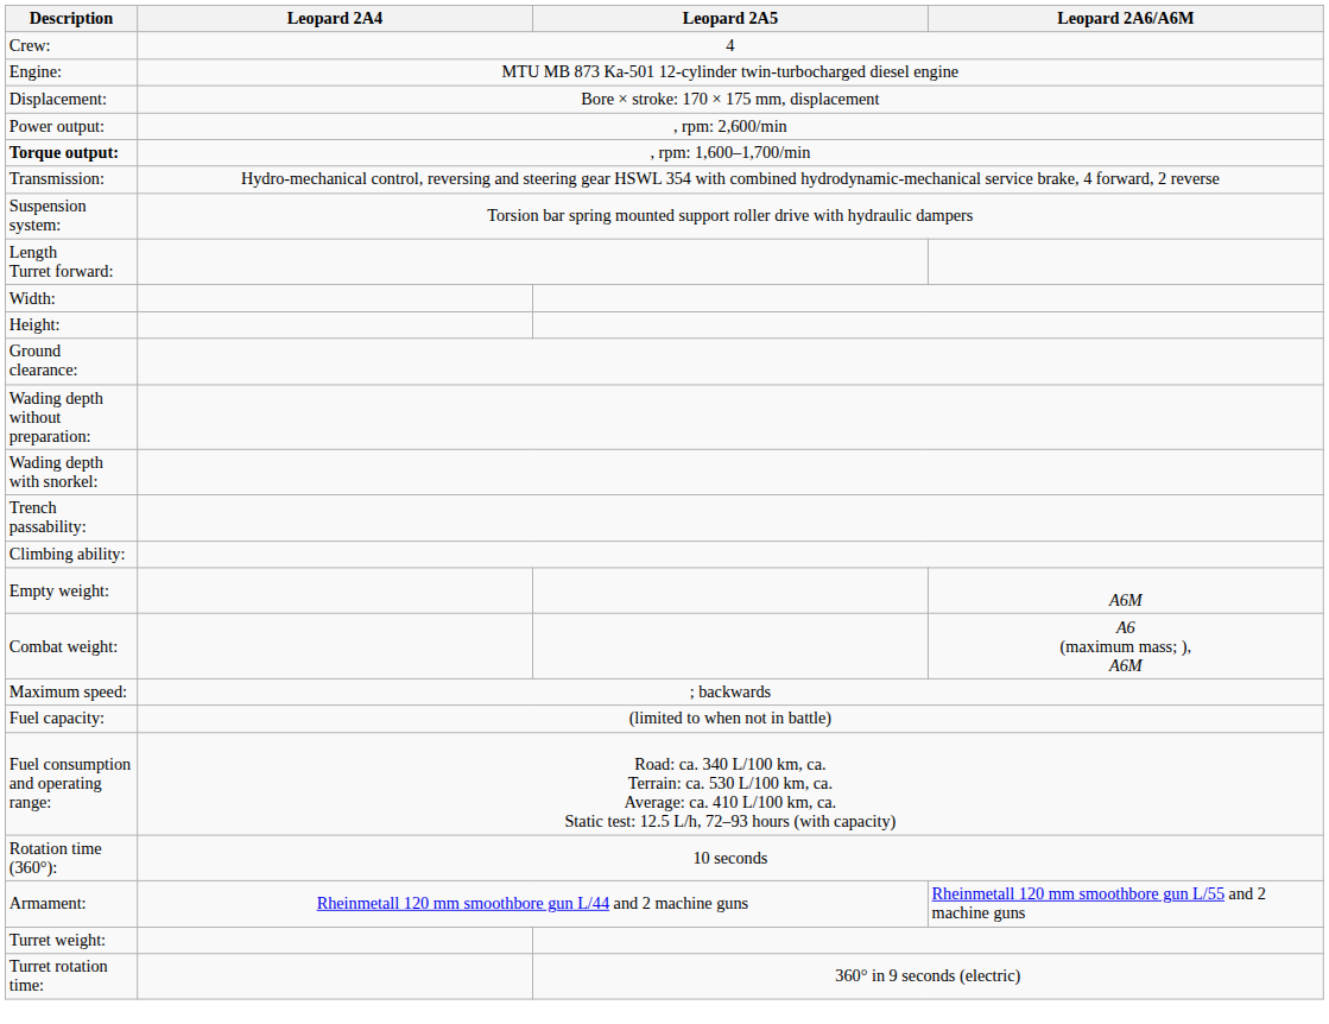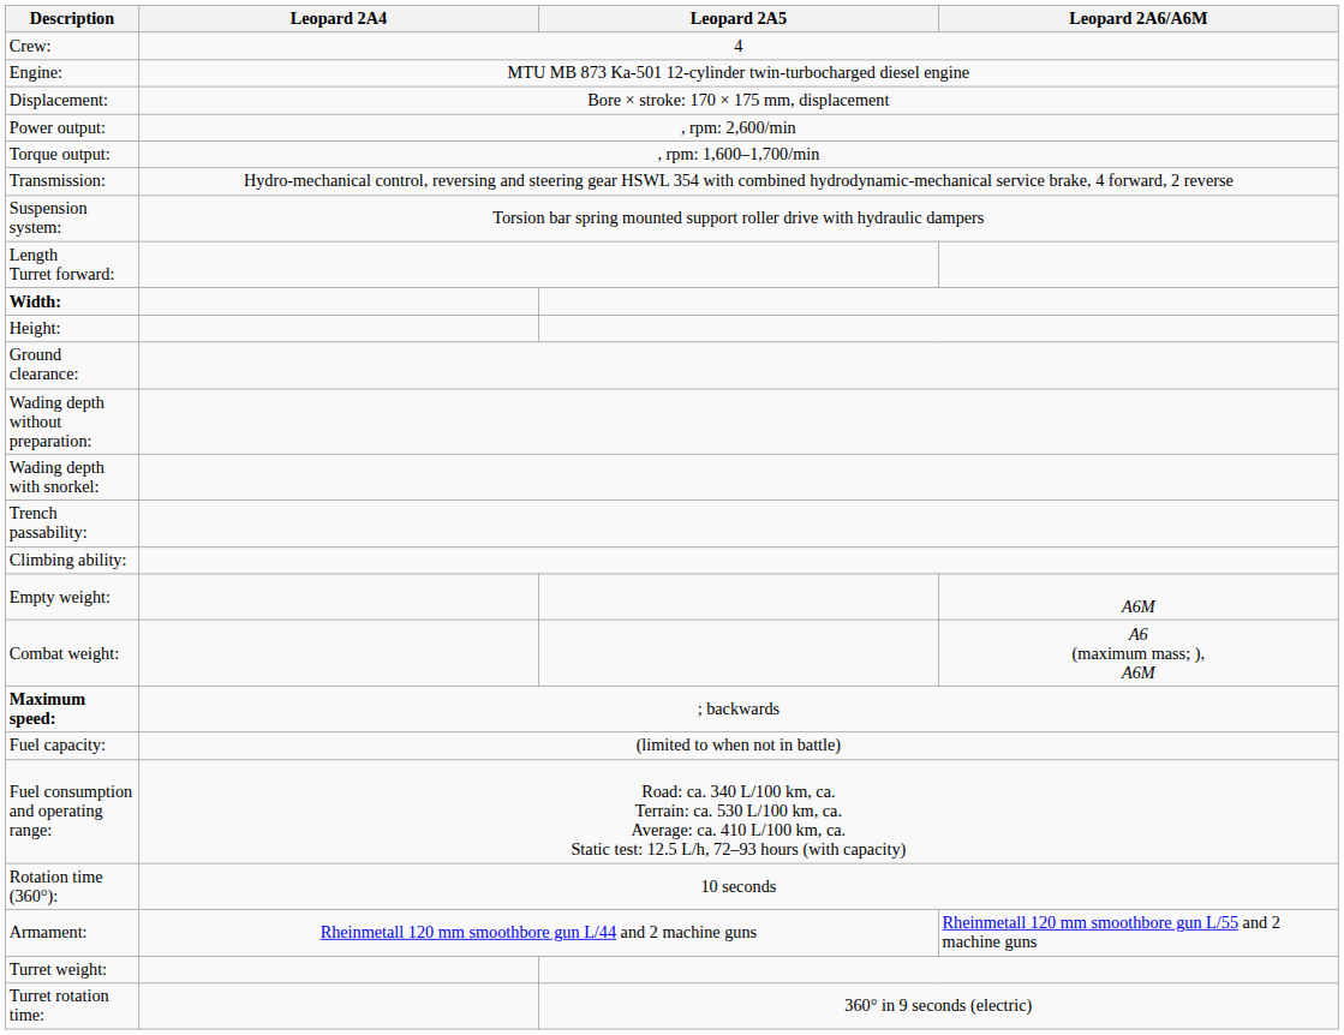 <table class="wikitable">
 <tr>
 <th width=100px>Description</th>
 <th width=30%>Leopard 2A4</th>
 <th colspan="2" width=30%>Leopard 2A5</th>
 <th colspan="3" width=30%>Leopard 2A6/A6M</th>
 </tr>
 <tr>
 <td>Crew:</td>
 <td colspan="6" style="text-align:center;">4</td>
 </tr>
 <tr>
 <td>Engine:</td>
 <td colspan="6" style="text-align:center;">MTU MB 873 Ka-501 12-cylinder twin-turbocharged diesel engine</td>
 </tr>
 <tr>
 <td>Displacement:</td>
 <td colspan="6" style="text-align:center;">Bore × stroke: 170 × 175 mm,  displacement</td>
 </tr>
 <tr>
 <td>Power output:</td>
 <td colspan="6" style="text-align:center;">, rpm: 2,600/min</td>
 </tr>
 <tr>
-<td><strong>Torque output:</strong></td>
+<td>Torque output:</td>
 <td colspan="6" style="text-align:center;">, rpm: 1,600–1,700/min</td>
 </tr>
 <tr>
 <td>Transmission:</td>
 <td colspan="6" style="text-align:center;">Hydro-mechanical control, reversing and steering gear HSWL 354 with combined hydrodynamic-mechanical service brake, 4 forward, 2 reverse</td>
 </tr>
 <tr>
 <td>Suspension system:</td>
 <td colspan="6" style="text-align:center;">Torsion bar spring mounted support roller drive with hydraulic dampers</td>
 </tr>
 <tr>
 <td>Length<br>Turret forward:</td>
 <td colspan="4" style="text-align:center;"></td>
 <td style="text-align:center;"></td>
 </tr>
 <tr>
-<td>Width:</td>
+<td><strong>Width:</strong></td>
 <td style="text-align:center;"></td>
 <td colspan="6" style="text-align:center;"></td>
 </tr>
 <tr>
 <td>Height:</td>
 <td style="text-align:center;"></td>
 <td colspan="6" style="text-align:center;"></td>
 </tr>
 <tr>
 <td>Ground clearance:</td>
 <td colspan="6" style="text-align:center;"></td>
 </tr>
 <tr>
 <td>Wading depth without preparation:</td>
 <td colspan="6" style="text-align:center;"></td>
 </tr>
 <tr>
 <td>Wading depth with snorkel:</td>
 <td colspan="6" style="text-align:center;"></td>
 </tr>
 <tr>
 <td>Trench passability:</td>
 <td colspan="6" style="text-align:center;"></td>
 </tr>
 <tr>
 <td>Climbing ability:</td>
 <td colspan="6" style="text-align:center;"></td>
 </tr>
 <tr>
 <td>Empty weight:</td>
 <td style="text-align:center;"></td>
 <td colspan="2" style="text-align:center;"></td>
 <td colspan="6" style="text-align:center;"><br> <em>A6M</em> </td>
 </tr>
 <tr>
 <td>Combat weight:</td>
 <td style="text-align:center;"></td>
 <td colspan="2" style="text-align:center;"></td>
 <td colspan="6" style="text-align:center;"><em>A6</em> <br> (maximum mass; ),<br> <em>A6M</em> </td>
 </tr>
 <tr>
-<td>Maximum speed:</td>
+<td><strong>Maximum speed:</strong></td>
 <td colspan="6" style="text-align:center;">; backwards </td>
 </tr>
 <tr>
 <td>Fuel capacity:</td>
 <td colspan="6" style="text-align:center;"> (limited to  when not in battle)</td>
 </tr>
 <tr>
 <td>Fuel consumption and operating range:</td>
 <td colspan="6" style="text-align:center;"><br>Road: ca. 340 L/100 km, ca. <br> Terrain: ca. 530 L/100 km, ca. <br> Average: ca. 410 L/100 km, ca. <br> Static test: 12.5 L/h, 72–93 hours (with  capacity)</td>
 </tr>
 <tr>
 <td>Rotation time (360°):</td>
 <td colspan="6" style="text-align:center;">10 seconds</td>
 </tr>
 <tr>
 <td>Armament:</td>
 <td colspan="4" style="text-align:center;"><a href='#'>Rheinmetall 120 mm smoothbore gun L/44</a> and 2 machine guns</td>
 <td><a href='#'>Rheinmetall 120 mm smoothbore gun L/55</a> and 2 machine guns</td>
 </tr>
 <tr>
 <td>Turret weight:</td>
 <td style="text-align:center;"></td>
 <td colspan="6" style="text-align:center;"></td>
 </tr>
 <tr>
 <td>Turret rotation time:</td>
 <td style="text-align:center;"></td>
 <td colspan="6" style="text-align:center;">360° in 9 seconds (electric)</td>
 </tr>
 </table>
